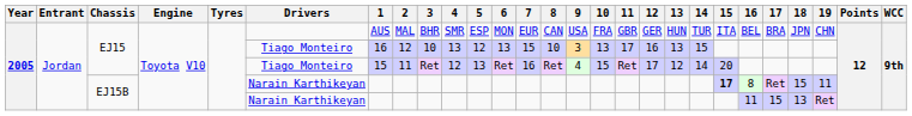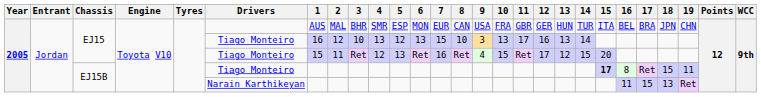 <table class="wikitable" style="text-align:center; font-size:95%">
 <tr>
 <th>Year</th>
 <th>Entrant</th>
 <th>Chassis</th>
 <th>Engine</th>
 <th>Tyres</th>
 <th>Drivers</th>
 <th>1</th>
 <th>2</th>
 <th>3</th>
 <th>4</th>
 <th>5</th>
 <th>6</th>
 <th>7</th>
 <th>8</th>
 <th>9</th>
 <th>10</th>
 <th>11</th>
 <th>12</th>
 <th>13</th>
 <th>14</th>
 <th>15</th>
 <th>16</th>
 <th>17</th>
 <th>18</th>
 <th>19</th>
 <th>Points</th>
 <th>WCC</th>
 </tr>
 <tr>
 <th rowspan="5"><a href='#'>2005</a></th>
 <td rowspan="5"><a href='#'>Jordan</a></td>
 <td rowspan="3">EJ15</td>
 <td rowspan="5"><a href='#'>Toyota</a> <a href='#'>V10</a></td>
 <td rowspan="5"></td>
 <td></td>
 <td><a href='#'>AUS</a></td>
 <td><a href='#'>MAL</a></td>
 <td><a href='#'>BHR</a></td>
 <td><a href='#'>SMR</a></td>
 <td><a href='#'>ESP</a></td>
 <td><a href='#'>MON</a></td>
 <td><a href='#'>EUR</a></td>
 <td><a href='#'>CAN</a></td>
 <td><a href='#'>USA</a></td>
 <td><a href='#'>FRA</a></td>
 <td><a href='#'>GBR</a></td>
 <td><a href='#'>GER</a></td>
 <td><a href='#'>HUN</a></td>
 <td><a href='#'>TUR</a></td>
 <td><a href='#'>ITA</a></td>
 <td><a href='#'>BEL</a></td>
 <td><a href='#'>BRA</a></td>
 <td><a href='#'>JPN</a></td>
 <td><a href='#'>CHN</a></td>
 <th rowspan="5"><strong>12</strong></th>
 <th rowspan="5"><strong>9th</strong></th>
 </tr>
 <tr>
 <td> <a href='#'>Tiago Monteiro</a></td>
 <td style="background:#CFCFFF;">16</td>
 <td style="background:#CFCFFF;">12</td>
 <td style="background:#CFCFFF;">10</td>
 <td style="background:#CFCFFF;">13</td>
 <td style="background:#CFCFFF;">12</td>
 <td style="background:#CFCFFF;">13</td>
 <td style="background:#CFCFFF;">15</td>
 <td style="background:#CFCFFF;">10</td>
 <td style="background:#FFDF9F;">3</td>
 <td style="background:#CFCFFF;">13</td>
 <td style="background:#CFCFFF;">17</td>
 <td style="background:#CFCFFF;">16</td>
 <td style="background:#CFCFFF;">13</td>
-<td style="background:#CFCFFF;">15</td>
+<td style="background:#CFCFFF;">14</td>
 <td></td>
 <td></td>
 <td></td>
 <td></td>
 <td></td>
 </tr>
 <tr>
 <td> <a href='#'>Tiago Monteiro</a></td>
 <td style="background:#CFCFFF;">15</td>
 <td style="background:#CFCFFF;">11</td>
 <td style="background:#EFCFFF;">Ret</td>
 <td style="background:#CFCFFF;">12</td>
 <td style="background:#CFCFFF;">13</td>
 <td style="background:#EFCFFF;">Ret</td>
 <td style="background:#CFCFFF;">16</td>
 <td style="background:#EFCFFF;">Ret</td>
 <td style="background:#DFFFDF;">4</td>
 <td style="background:#CFCFFF;">15</td>
 <td style="background:#EFCFFF;">Ret</td>
 <td style="background:#CFCFFF;">17</td>
 <td style="background:#CFCFFF;">12</td>
-<td style="background:#CFCFFF;">14</td>
+<td style="background:#CFCFFF;">15</td>
 <td style="background:#CFCFFF;">20</td>
 <td></td>
 <td></td>
 <td></td>
 <td></td>
 </tr>
 <tr>
 <td rowspan="2">EJ15B</td>
-<td> <a href='#'>Narain Karthikeyan</a></td>
+<td> <a href='#'>Tiago Monteiro</a></td>
 <td></td>
 <td></td>
 <td></td>
 <td></td>
 <td></td>
 <td></td>
 <td></td>
 <td></td>
 <td></td>
 <td></td>
 <td></td>
 <td></td>
 <td></td>
 <td></td>
 <td style="background:#CFCFFF;"><strong>17</strong></td>
 <td style="background:#DFFFDF;">8</td>
 <td style="background:#EFCFFF;">Ret</td>
 <td style="background:#CFCFFF;">15</td>
 <td style="background:#CFCFFF;">11</td>
 </tr>
 <tr>
 <td> <a href='#'>Narain Karthikeyan</a></td>
 <td></td>
 <td></td>
 <td></td>
 <td></td>
 <td></td>
 <td></td>
 <td></td>
 <td></td>
 <td></td>
 <td></td>
 <td></td>
 <td></td>
 <td></td>
 <td></td>
 <td></td>
 <td style="background:#CFCFFF;">11</td>
 <td style="background:#CFCFFF;">15</td>
 <td style="background:#CFCFFF;">13</td>
 <td style="background:#EFCFFF;">Ret</td>
 </tr>
 </table>
